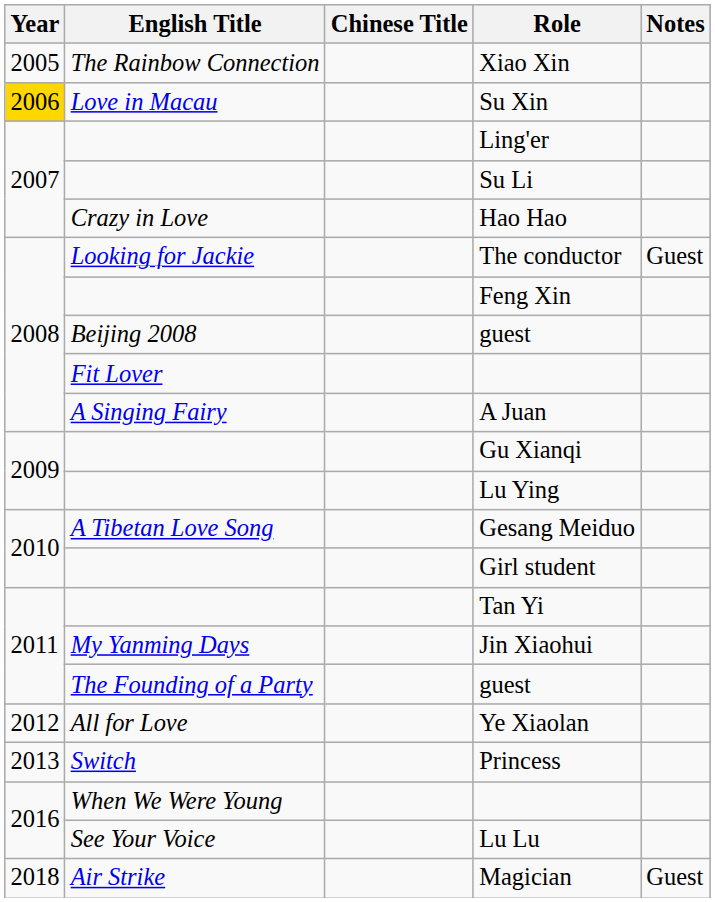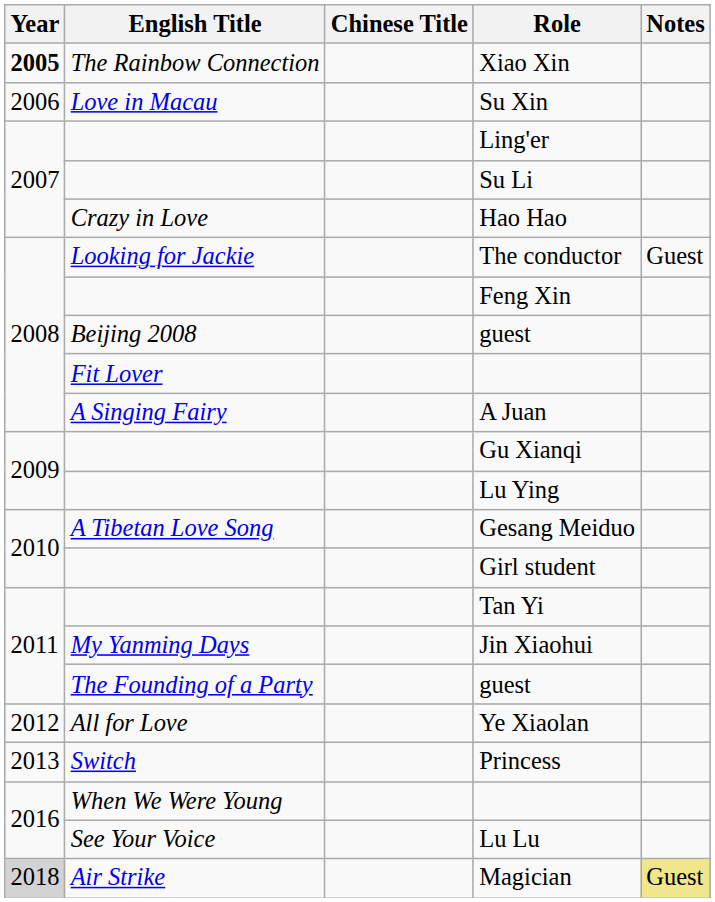 <table class="wikitable">
 <tr>
 <th>Year</th>
 <th>English Title</th>
 <th>Chinese Title</th>
 <th>Role</th>
 <th>Notes</th>
 </tr>
 <tr>
-<td>2005</td>
+<td><strong>2005</strong></td>
 <td><em>The Rainbow Connection</em></td>
 <td></td>
 <td>Xiao Xin</td>
 <td></td>
 </tr>
 <tr>
-<td style="background: gold;">2006</td>
+<td>2006</td>
 <td><em><a href='#'>Love in Macau</a></em></td>
 <td></td>
 <td>Su Xin</td>
 <td></td>
 </tr>
 <tr>
 <td rowspan="3">2007</td>
 <td></td>
 <td></td>
 <td>Ling'er</td>
 <td></td>
 </tr>
 <tr>
 <td></td>
 <td></td>
 <td>Su Li</td>
 <td></td>
 </tr>
 <tr>
 <td><em>Crazy in Love</em></td>
 <td></td>
 <td>Hao Hao</td>
 <td></td>
 </tr>
 <tr>
 <td rowspan="5">2008</td>
 <td><em><a href='#'>Looking for Jackie</a></em></td>
 <td></td>
 <td>The conductor</td>
 <td>Guest</td>
 </tr>
 <tr>
 <td></td>
 <td></td>
 <td>Feng Xin</td>
 <td></td>
 </tr>
 <tr>
 <td><em>Beijing 2008</em></td>
 <td></td>
 <td>guest</td>
 <td></td>
 </tr>
 <tr>
 <td><em><a href='#'>Fit Lover</a></em></td>
 <td></td>
 <td></td>
 <td></td>
 </tr>
 <tr>
 <td><em><a href='#'>A Singing Fairy</a></em></td>
 <td></td>
 <td>A Juan</td>
 <td></td>
 </tr>
 <tr>
 <td rowspan="2">2009</td>
 <td></td>
 <td></td>
 <td>Gu Xianqi</td>
 <td></td>
 </tr>
 <tr>
 <td></td>
 <td></td>
 <td>Lu Ying</td>
 <td></td>
 </tr>
 <tr>
 <td rowspan="2">2010</td>
 <td><em><a href='#'>A Tibetan Love Song</a></em></td>
 <td></td>
 <td>Gesang Meiduo</td>
 <td></td>
 </tr>
 <tr>
 <td></td>
 <td></td>
 <td>Girl student</td>
 <td></td>
 </tr>
 <tr>
 <td rowspan="3">2011</td>
 <td></td>
 <td></td>
 <td>Tan Yi</td>
 <td></td>
 </tr>
 <tr>
 <td><em><a href='#'>My Yanming Days</a></em></td>
 <td></td>
 <td>Jin Xiaohui</td>
 <td></td>
 </tr>
 <tr>
 <td><em><a href='#'>The Founding of a Party</a></em></td>
 <td></td>
 <td>guest</td>
 <td></td>
 </tr>
 <tr>
 <td>2012</td>
 <td><em>All for Love</em></td>
 <td></td>
 <td>Ye Xiaolan</td>
 <td></td>
 </tr>
 <tr>
 <td>2013</td>
 <td><em><a href='#'>Switch</a></em></td>
 <td></td>
 <td>Princess</td>
 <td></td>
 </tr>
 <tr>
 <td rowspan="2">2016</td>
 <td><em>When We Were Young</em></td>
 <td></td>
 <td></td>
 <td></td>
 </tr>
 <tr>
 <td><em>See Your Voice</em></td>
 <td></td>
 <td>Lu Lu</td>
 <td></td>
 </tr>
 <tr>
-<td>2018</td>
+<td style="background: lightgrey;">2018</td>
 <td><em><a href='#'>Air Strike</a></em></td>
 <td></td>
 <td>Magician</td>
-<td>Guest</td>
+<td style="background: khaki;">Guest</td>
 </tr>
 </table>
